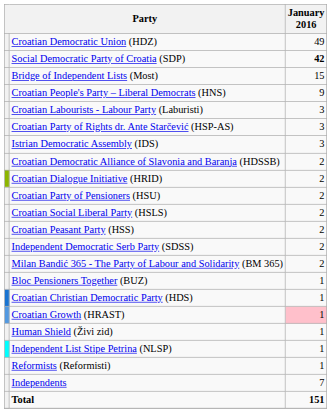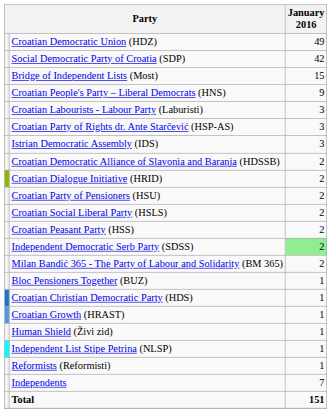 <table class="wikitable" style="font-size: 95%;">
 <tr>
 <th colspan=2>Party</th>
 <th>January<br> 2016</th>
 </tr>
 <tr>
 <th style="background-color: "></th>
 <td><a href='#'>Croatian Democratic Union</a> (HDZ)</td>
 <td align="right">49</td>
 </tr>
 <tr>
 <th style="background-color: "></th>
 <td><a href='#'>Social Democratic Party of Croatia</a> (SDP)</td>
-<td align="right"><strong>42</strong></td>
+<td align="right">42</td>
 </tr>
 <tr>
 <th style="background-color: "></th>
 <td><a href='#'>Bridge of Independent Lists</a> (Most)</td>
 <td align="right">15</td>
 </tr>
 <tr>
 <th style="background-color: "></th>
 <td><a href='#'>Croatian People's Party – Liberal Democrats</a> (HNS)</td>
 <td align="right">9</td>
 </tr>
 <tr>
 <th style="background-color: "></th>
 <td><a href='#'>Croatian Labourists - Labour Party</a> (Laburisti)</td>
 <td align="right">3</td>
 </tr>
 <tr>
 <th style="background-color: "></th>
 <td><a href='#'>Croatian Party of Rights dr. Ante Starčević</a> (HSP-AS)</td>
 <td align="right">3</td>
 </tr>
 <tr>
 <th style="background-color: "></th>
 <td><a href='#'>Istrian Democratic Assembly</a> (IDS)</td>
 <td align="right">3</td>
 </tr>
 <tr>
 <th style="background-color: "></th>
 <td><a href='#'>Croatian Democratic Alliance of Slavonia and Baranja</a> (HDSSB)</td>
 <td align="right">2</td>
 </tr>
 <tr>
 <th style="background-color: #8DB600"></th>
 <td><a href='#'>Croatian Dialogue Initiative</a> (HRID)</td>
 <td align="right">2</td>
 </tr>
 <tr>
 <th style="background-color: "></th>
 <td><a href='#'>Croatian Party of Pensioners</a> (HSU)</td>
 <td align="right">2</td>
 </tr>
 <tr>
 <th style="background-color: "></th>
 <td><a href='#'>Croatian Social Liberal Party</a> (HSLS)</td>
 <td align="right">2</td>
 </tr>
 <tr>
 <th style="background-color: "></th>
 <td><a href='#'>Croatian Peasant Party</a> (HSS)</td>
 <td align="right">2</td>
 </tr>
 <tr>
 <th style="background-color: "></th>
 <td><a href='#'>Independent Democratic Serb Party</a> (SDSS)</td>
-<td align="right">2</td>
+<td align="right" style="background: lightgreen;">2</td>
 </tr>
 <tr>
 <th style="background-color: "></th>
 <td><a href='#'>Milan Bandić 365 - The Party of Labour and Solidarity</a> (BM 365)</td>
 <td align="right">2</td>
 </tr>
 <tr>
 <th style="background-color: "></th>
 <td><a href='#'>Bloc Pensioners Together</a> (BUZ)</td>
 <td align="right">1</td>
 </tr>
 <tr>
 <th style="background-color: #1974D2"></th>
 <td><a href='#'>Croatian Christian Democratic Party</a> (HDS)</td>
 <td align="right">1</td>
 </tr>
 <tr>
 <th style="background-color: #5299E1"></th>
 <td><a href='#'>Croatian Growth</a> (HRAST)</td>
-<td align="right" style="background: pink;">1</td>
+<td align="right">1</td>
 </tr>
 <tr>
 <th style="background-color: "></th>
 <td><a href='#'>Human Shield</a> (Živi zid)</td>
 <td align="right">1</td>
 </tr>
 <tr>
 <th style="background-color: #00FFFF"></th>
 <td><a href='#'>Independent List Stipe Petrina</a> (NLSP)</td>
 <td align="right">1</td>
 </tr>
 <tr>
 <th style="background-color: "></th>
 <td><a href='#'>Reformists</a> (Reformisti)</td>
 <td align="right">1</td>
 </tr>
 <tr>
 <th style="background-color: "></th>
 <td><a href='#'>Independents</a></td>
 <td align="right">7</td>
 </tr>
 <tr>
 <th style="background-color: "></th>
 <td><strong>Total</strong></td>
 <td align="right"><strong>151</strong></td>
 </tr>
 <tr>
 </tr>
 </table>
